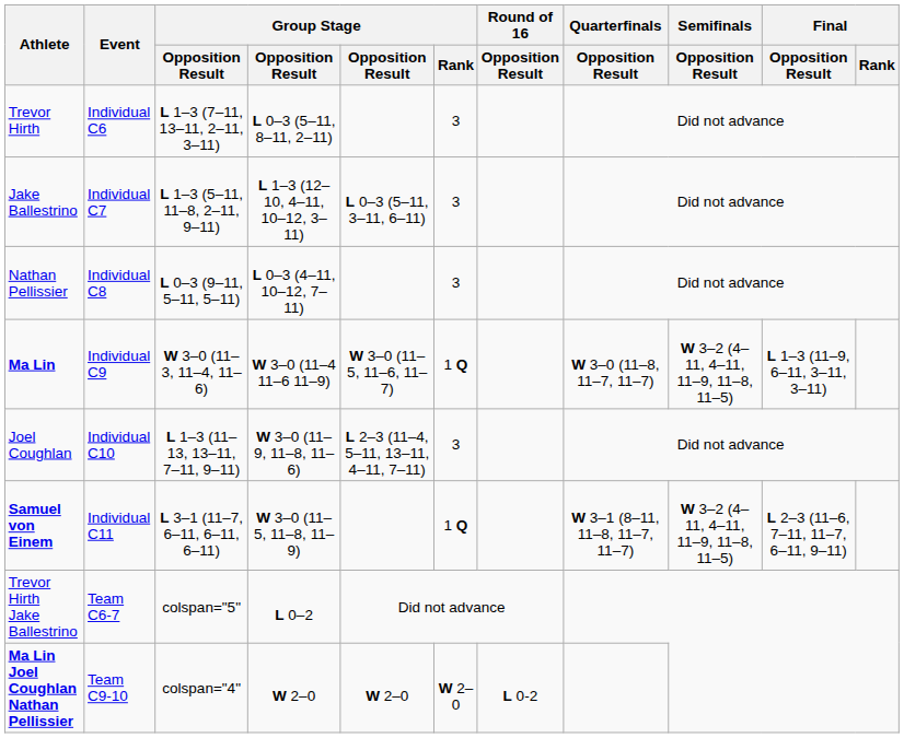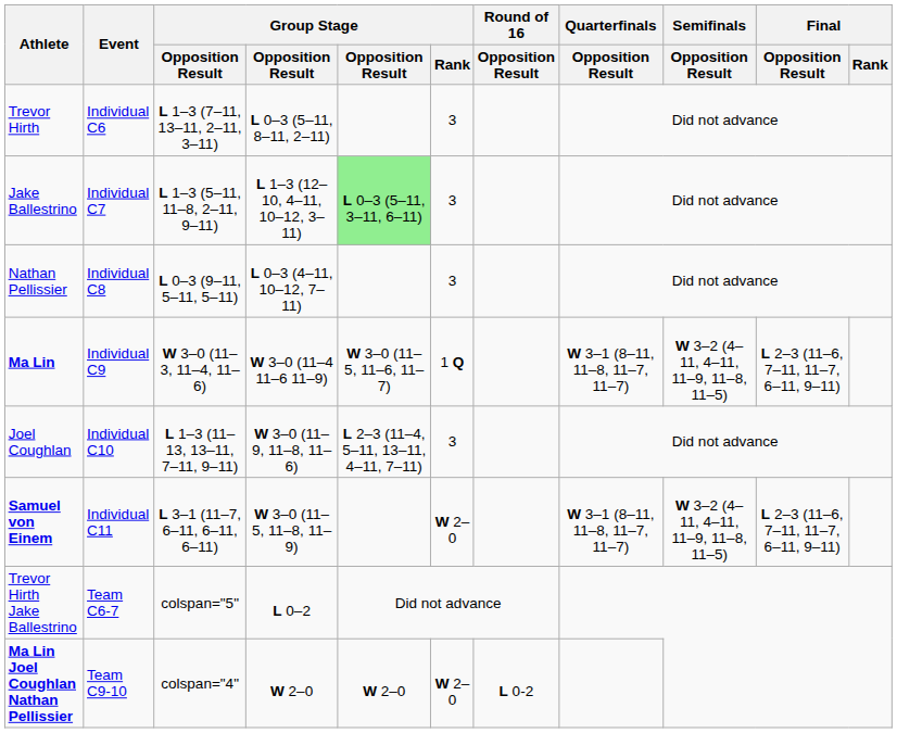 <table class=wikitable style="font-size:90%">
 <tr>
 <th rowspan="2">Athlete</th>
 <th rowspan="2">Event</th>
 <th colspan="4">Group Stage</th>
 <th>Round of 16</th>
 <th>Quarterfinals</th>
 <th>Semifinals</th>
 <th colspan="2">Final</th>
 </tr>
 <tr>
 <th>Opposition<br>Result</th>
 <th>Opposition<br>Result</th>
 <th>Opposition<br>Result</th>
 <th>Rank</th>
 <th>Opposition<br>Result</th>
 <th>Opposition<br>Result</th>
 <th>Opposition<br>Result</th>
 <th>Opposition<br>Result</th>
 <th>Rank</th>
 </tr>
 <tr align=center>
 <td align=left><a href='#'>Trevor Hirth</a></td>
 <td align=left><a href='#'>Individual C6</a></td>
 <td><br><strong>L</strong> 1–3 (7–11, 13–11, 2–11, 3–11)</td>
 <td><br><strong>L</strong> 0–3 (5–11, 8–11, 2–11)</td>
 <td></td>
 <td>3</td>
 <td></td>
 <td align="center" colspan=4>Did not advance</td>
 </tr>
 <tr align=center>
 <td align=left><a href='#'>Jake Ballestrino</a></td>
 <td align=left><a href='#'>Individual C7</a></td>
 <td><br><strong>L</strong> 1–3 (5–11, 11–8, 2–11, 9–11)</td>
 <td><br><strong>L</strong> 1–3 (12–10, 4–11, 10–12, 3–11)</td>
-<td><br><strong>L</strong> 0–3 (5–11, 3–11, 6–11)</td>
+<td style="background: lightgreen;"><br><strong>L</strong> 0–3 (5–11, 3–11, 6–11)</td>
 <td>3</td>
 <td></td>
 <td align="center" colspan=4>Did not advance</td>
 </tr>
 <tr align=center>
 <td align=left><a href='#'>Nathan Pellissier</a></td>
 <td align=left><a href='#'>Individual C8</a></td>
 <td><br><strong>L</strong> 0–3 (9–11, 5–11, 5–11)</td>
 <td><br><strong>L</strong> 0–3 (4–11, 10–12, 7–11)</td>
 <td></td>
 <td>3</td>
 <td></td>
 <td align="center" colspan=4>Did not advance</td>
 </tr>
 <tr align=center>
 <td align=left><strong><a href='#'>Ma Lin</a></strong></td>
 <td align=left><a href='#'>Individual C9</a></td>
 <td><br><strong>W</strong> 3–0 (11–3, 11–4, 11–6)</td>
 <td><br><strong>W</strong> 3–0 (11–4 11–6 11–9)</td>
 <td><br><strong>W</strong> 3–0 (11–5, 11–6, 11–7)</td>
 <td>1 <strong>Q</strong></td>
 <td></td>
-<td><br><strong>W</strong> 3–0 (11–8, 11–7, 11–7)</td>
+<td><br><strong>W</strong> 3–1 (8–11, 11–8, 11–7, 11–7)</td>
 <td><br><strong>W</strong> 3–2 (4–11, 4–11, 11–9, 11–8, 11–5)</td>
-<td><br><strong>L</strong> 1–3 (11–9, 6–11, 3–11, 3–11)</td>
+<td><br><strong>L</strong> 2–3 (11–6, 7–11, 11–7, 6–11, 9–11)</td>
 <td></td>
 </tr>
 <tr align=center>
 <td align=left><a href='#'>Joel Coughlan</a></td>
 <td align=left><a href='#'>Individual C10</a></td>
 <td><br><strong>L</strong> 1–3 (11–13, 13–11, 7–11, 9–11)</td>
 <td><br><strong>W</strong> 3–0 (11–9, 11–8, 11–6)</td>
 <td><br><strong>L</strong> 2–3 (11–4, 5–11, 13–11, 4–11, 7–11)</td>
 <td>3</td>
 <td></td>
 <td align="center" colspan=4>Did not advance</td>
 </tr>
 <tr align=center>
 <td align=left><strong><a href='#'>Samuel von Einem</a></strong></td>
 <td align=left><a href='#'>Individual C11</a></td>
 <td><br><strong>L</strong> 3–1 (11–7, 6–11, 6–11, 6–11)</td>
 <td><br><strong>W</strong> 3–0 (11–5, 11–8, 11–9)</td>
 <td></td>
-<td>1 <strong>Q</strong></td>
+<td><br><strong>W</strong> 2–0</td>
 <td></td>
 <td><br><strong>W</strong> 3–1 (8–11, 11–8, 11–7, 11–7)</td>
 <td><br><strong>W</strong> 3–2 (4–11, 4–11, 11–9, 11–8, 11–5)</td>
 <td><br><strong>L</strong> 2–3 (11–6, 7–11, 11–7, 6–11, 9–11)</td>
 <td></td>
 </tr>
 <tr align=center>
 <td align=left><a href='#'>Trevor Hirth</a><br><a href='#'>Jake Ballestrino</a></td>
 <td align=left><a href='#'>Team C6-7</a></td>
 <td>colspan="5" </td>
 <td><br><strong>L</strong> 0–2</td>
 <td align="center" colspan=3>Did not advance</td>
 </tr>
 <tr align=center>
 <td align=left><strong><a href='#'>Ma Lin</a> <br><a href='#'>Joel Coughlan</a> <br> <a href='#'>Nathan Pellissier</a> </strong></td>
 <td align=left><a href='#'>Team C9-10</a></td>
 <td>colspan="4" </td>
 <td><br><strong>W</strong> 2–0</td>
 <td><br><strong>W</strong> 2–0</td>
 <td><br><strong>W</strong> 2–0</td>
 <td><br><strong>L</strong> 0-2</td>
 <td></td>
 </tr>
 </table>
